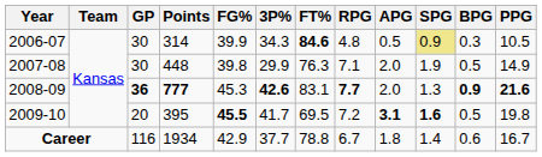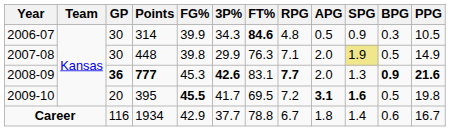 <table class="wikitable sortable">
 <tr>
 <th>Year</th>
 <th>Team</th>
 <th>GP</th>
 <th>Points</th>
 <th>FG%</th>
 <th>3P%</th>
 <th>FT%</th>
 <th>RPG</th>
 <th>APG</th>
 <th>SPG</th>
 <th>BPG</th>
 <th>PPG</th>
 </tr>
 <tr>
 <td>2006-07</td>
 <td rowspan=4><a href='#'>Kansas</a></td>
 <td>30</td>
 <td>314</td>
 <td>39.9</td>
 <td>34.3</td>
 <td><strong>84.6</strong></td>
 <td>4.8</td>
 <td>0.5</td>
-<td style="background: khaki;">0.9</td>
+<td>0.9</td>
 <td>0.3</td>
 <td>10.5</td>
 </tr>
 <tr>
 <td>2007-08</td>
 <td>30</td>
 <td>448</td>
 <td>39.8</td>
 <td>29.9</td>
 <td>76.3</td>
 <td>7.1</td>
 <td>2.0</td>
-<td>1.9</td>
+<td style="background: khaki;">1.9</td>
 <td>0.5</td>
 <td>14.9</td>
 </tr>
 <tr>
 <td>2008-09</td>
 <td><strong>36</strong></td>
 <td><strong>777</strong></td>
 <td>45.3</td>
 <td><strong>42.6</strong></td>
 <td>83.1</td>
 <td><strong>7.7</strong></td>
 <td>2.0</td>
 <td>1.3</td>
 <td><strong>0.9</strong></td>
 <td><strong>21.6</strong></td>
 </tr>
 <tr>
 <td>2009-10</td>
 <td>20</td>
 <td>395</td>
 <td><strong>45.5</strong></td>
 <td>41.7</td>
 <td>69.5</td>
 <td>7.2</td>
 <td><strong>3.1</strong></td>
 <td><strong>1.6</strong></td>
 <td>0.5</td>
 <td>19.8</td>
 </tr>
 <tr>
 <td colspan=2 align=center><strong>Career</strong></td>
 <td>116</td>
 <td>1934</td>
 <td>42.9</td>
 <td>37.7</td>
 <td>78.8</td>
 <td>6.7</td>
 <td>1.8</td>
 <td>1.4</td>
 <td>0.6</td>
 <td>16.7</td>
 </tr>
 </table>
